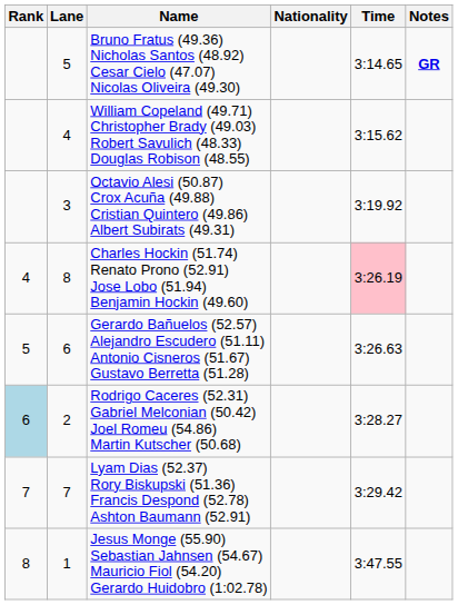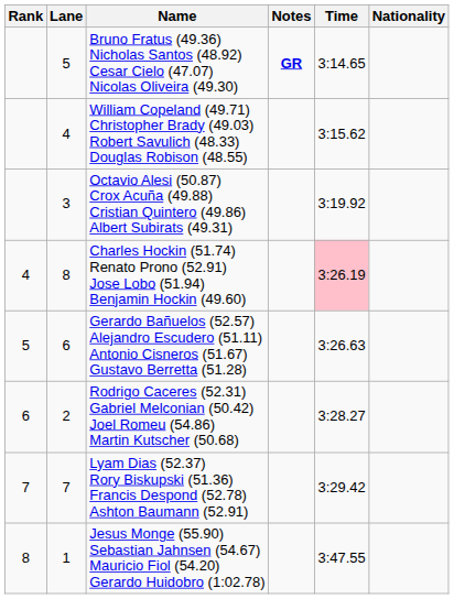 <table class="wikitable sortable" style="text-align:center">
 <tr>
 <th>Rank</th>
 <th>Lane</th>
 <th>Name</th>
+<th>Notes</th>
+<th>Time</th>
 <th>Nationality</th>
-<th>Time</th>
-<th>Notes</th>
 </tr>
 <tr>
 <td></td>
 <td>5</td>
 <td align=left><a href='#'>Bruno Fratus</a> (49.36) <br> <a href='#'>Nicholas Santos</a> (48.92) <br> <a href='#'>Cesar Cielo</a> (47.07) <br> <a href='#'>Nicolas Oliveira</a> (49.30)</td>
+<td><strong><a href='#'>GR</a></strong></td>
+<td>3:14.65</td>
 <td align=left></td>
-<td>3:14.65</td>
-<td><strong><a href='#'>GR</a></strong></td>
 </tr>
 <tr>
 <td></td>
 <td>4</td>
 <td align=left><a href='#'>William Copeland</a> (49.71) <br> <a href='#'>Christopher Brady</a> (49.03) <br> <a href='#'>Robert Savulich</a> (48.33) <br> <a href='#'>Douglas Robison</a> (48.55)</td>
+<td></td>
+<td>3:15.62</td>
 <td align=left></td>
-<td>3:15.62</td>
-<td></td>
 </tr>
 <tr>
 <td></td>
 <td>3</td>
 <td align=left><a href='#'>Octavio Alesi</a> (50.87) <br> <a href='#'>Crox Acuña</a> (49.88) <br> <a href='#'>Cristian Quintero</a> (49.86) <br> <a href='#'>Albert Subirats</a> (49.31)</td>
+<td></td>
+<td>3:19.92</td>
 <td align=left></td>
-<td>3:19.92</td>
-<td></td>
 </tr>
 <tr>
 <td>4</td>
 <td>8</td>
 <td align=left><a href='#'>Charles Hockin</a> (51.74) <br>Renato Prono (52.91) <br><a href='#'>Jose Lobo</a> (51.94) <br><a href='#'>Benjamin Hockin</a> (49.60)</td>
+<td></td>
+<td style="background: pink;">3:26.19</td>
 <td align=left></td>
-<td style="background: pink;">3:26.19</td>
-<td></td>
 </tr>
 <tr>
 <td>5</td>
 <td>6</td>
 <td align=left><a href='#'>Gerardo Bañuelos</a> (52.57) <br> <a href='#'>Alejandro Escudero</a> (51.11) <br> <a href='#'>Antonio Cisneros</a> (51.67) <br> <a href='#'>Gustavo Berretta</a> (51.28)</td>
+<td></td>
+<td>3:26.63</td>
 <td align=left></td>
-<td>3:26.63</td>
-<td></td>
 </tr>
 <tr>
-<td style="background: lightblue;">6</td>
+<td>6</td>
 <td>2</td>
 <td align=left><a href='#'>Rodrigo Caceres</a> (52.31) <br><a href='#'>Gabriel Melconian</a> (50.42) <br><a href='#'>Joel Romeu</a> (54.86) <br><a href='#'>Martin Kutscher</a> (50.68)</td>
+<td></td>
+<td>3:28.27</td>
 <td align=left></td>
-<td>3:28.27</td>
-<td></td>
 </tr>
 <tr>
 <td>7</td>
 <td>7</td>
 <td align=left><a href='#'>Lyam Dias</a> (52.37) <br> <a href='#'>Rory Biskupski</a> (51.36) <br> <a href='#'>Francis Despond</a> (52.78) <br> <a href='#'>Ashton Baumann</a> (52.91)</td>
+<td></td>
+<td>3:29.42</td>
 <td align=left></td>
-<td>3:29.42</td>
-<td></td>
 </tr>
 <tr>
 <td>8</td>
 <td>1</td>
 <td align=left><a href='#'>Jesus Monge</a> (55.90) <br> <a href='#'>Sebastian Jahnsen</a> (54.67) <br> <a href='#'>Mauricio Fiol</a> (54.20) <br> <a href='#'>Gerardo Huidobro</a> (1:02.78)</td>
+<td></td>
+<td>3:47.55</td>
 <td align=left></td>
-<td>3:47.55</td>
-<td></td>
 </tr>
 </table>
